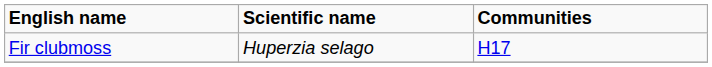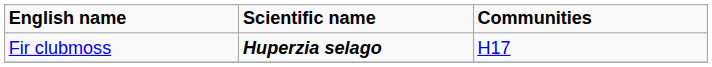 <table class="wikitable">
 <tr>
 <td style="width:200px"><strong>English name</strong></td>
 <td style="width:200px"><strong>Scientific name</strong></td>
 <td style="width:200px"><strong>Communities</strong></td>
 </tr>
 <tr>
 <td><a href='#'>Fir clubmoss</a></td>
-<td><em>Huperzia selago</em></td>
+<td><strong><em>Huperzia selago</em></strong></td>
 <td><a href='#'>H17</a></td>
 </tr>
 <tr>
 </tr>
 </table>
